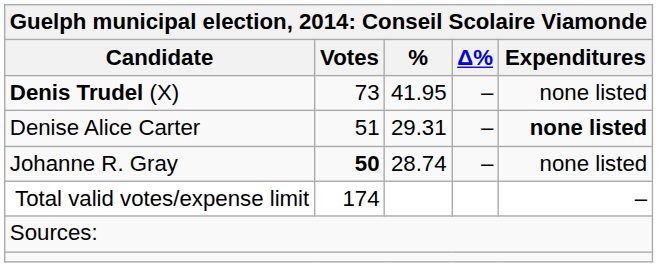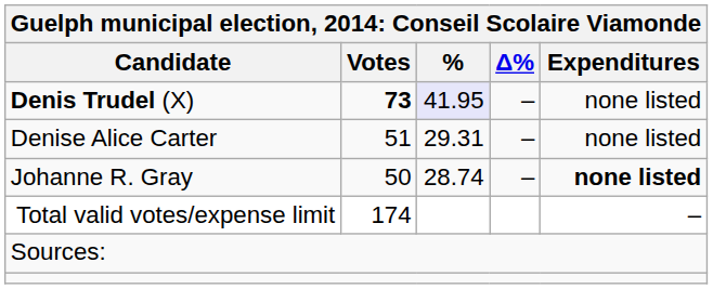 <table class="wikitable collapsible">
 <tr>
 <th colspan="5">Guelph municipal election, 2014: Conseil Scolaire Viamonde</th>
 </tr>
 <tr>
 <th>Candidate</th>
 <th>Votes</th>
 <th>%</th>
 <th><a href='#'>Δ%</a></th>
 <th>Expenditures</th>
 </tr>
 <tr>
 <td><strong>Denis Trudel</strong> (X)</td>
-<td align="right">73</td>
-<td align="right">41.95</td>
+<td align="right"><strong>73</strong></td>
+<td align="right" style="background: lavender;">41.95</td>
 <td align="right">–</td>
 <td align="right">none listed</td>
 </tr>
 <tr>
 <td>Denise Alice Carter</td>
 <td align="right">51</td>
 <td align="right">29.31</td>
 <td align="right">–</td>
-<td align="right"><strong>none listed</strong></td>
+<td align="right">none listed</td>
 </tr>
 <tr>
 <td>Johanne R. Gray</td>
-<td align="right"><strong>50</strong></td>
+<td align="right">50</td>
 <td align="right">28.74</td>
 <td align="right">–</td>
-<td align="right">none listed</td>
+<td align="right"><strong>none listed</strong></td>
 </tr>
 <tr>
 <td style="text-align:right;background: white;">Total valid votes/expense limit</td>
 <td style="text-align:right;background: white;">174</td>
 <td style="text-align:right;background: white;"></td>
 <td style="text-align:right;background: white;"> </td>
 <td style="text-align:right;background: white;">–</td>
 </tr>
 <tr>
 <td colspan="5">Sources: </td>
 </tr>
 <tr>
 <td colspan="5"></td>
 </tr>
 </table>
